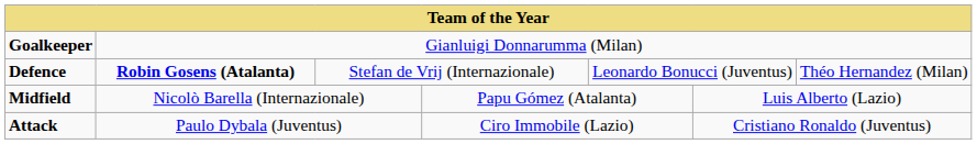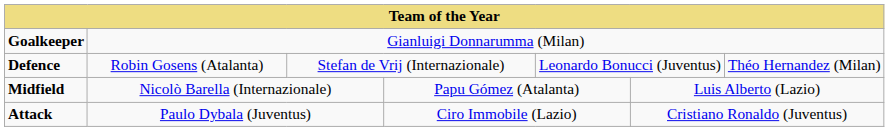 <table class="wikitable">
 <tr>
 <th colspan="7" style="background-color: #eedd82">Team of the Year</th>
 </tr>
 <tr>
 <td><strong>Goalkeeper</strong></td>
 <td colspan="6" align="center"> <a href='#'>Gianluigi Donnarumma</a> (Milan)</td>
 </tr>
 <tr>
 <td><strong>Defence</strong></td>
-<td align="center"><strong> <a href='#'>Robin Gosens</a> (Atalanta)</strong></td>
+<td align="center"> <a href='#'>Robin Gosens</a> (Atalanta)</td>
 <td colspan="2" align="center"> <a href='#'>Stefan de Vrij</a> (Internazionale)</td>
 <td colspan="2" align="center"> <a href='#'>Leonardo Bonucci</a> (Juventus)</td>
 <td align="center"> <a href='#'>Théo Hernandez</a> (Milan)</td>
 </tr>
 <tr>
 <td><strong>Midfield</strong></td>
 <td colspan="2" align="center"> <a href='#'>Nicolò Barella</a> (Internazionale)</td>
 <td colspan="2" align="center"> <a href='#'>Papu Gómez</a> (Atalanta)</td>
 <td colspan="2" align="center"> <a href='#'>Luis Alberto</a> (Lazio)</td>
 </tr>
 <tr>
 <td><strong>Attack</strong></td>
 <td colspan="2" align="center"> <a href='#'>Paulo Dybala</a> (Juventus)</td>
 <td colspan="2" align="center"> <a href='#'>Ciro Immobile</a> (Lazio)</td>
 <td colspan="2" align="center"> <a href='#'>Cristiano Ronaldo</a> (Juventus)</td>
 </tr>
 </table>
